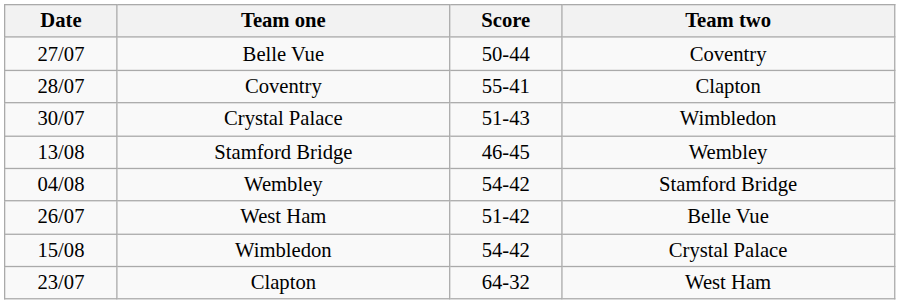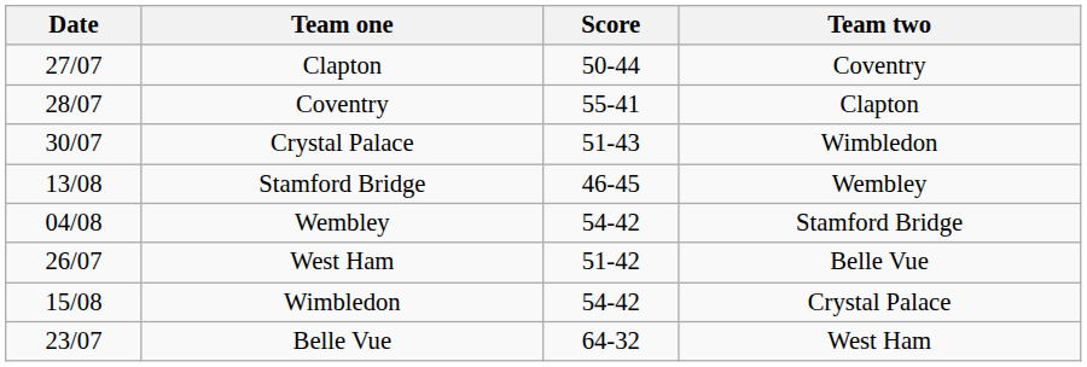 <table class="wikitable" style="text-align: center">
 <tr>
 <th width=80>Date</th>
 <th width=250>Team one</th>
 <th width=80>Score</th>
 <th width=250>Team two</th>
 </tr>
 <tr>
 <td>27/07</td>
-<td>Belle Vue</td>
+<td>Clapton</td>
 <td>50-44</td>
 <td>Coventry</td>
 </tr>
 <tr>
 <td>28/07</td>
 <td>Coventry</td>
 <td>55-41</td>
 <td>Clapton</td>
 </tr>
 <tr>
 <td>30/07</td>
 <td>Crystal Palace</td>
 <td>51-43</td>
 <td>Wimbledon</td>
 </tr>
 <tr>
 <td>13/08</td>
 <td>Stamford Bridge</td>
 <td>46-45</td>
 <td>Wembley</td>
 </tr>
 <tr>
 <td>04/08</td>
 <td>Wembley</td>
 <td>54-42</td>
 <td>Stamford Bridge</td>
 </tr>
 <tr>
 <td>26/07</td>
 <td>West Ham</td>
 <td>51-42</td>
 <td>Belle Vue</td>
 </tr>
 <tr>
 <td>15/08</td>
 <td>Wimbledon</td>
 <td>54-42</td>
 <td>Crystal Palace</td>
 </tr>
 <tr>
 <td>23/07</td>
-<td>Clapton</td>
+<td>Belle Vue</td>
 <td>64-32</td>
 <td>West Ham</td>
 </tr>
 </table>
